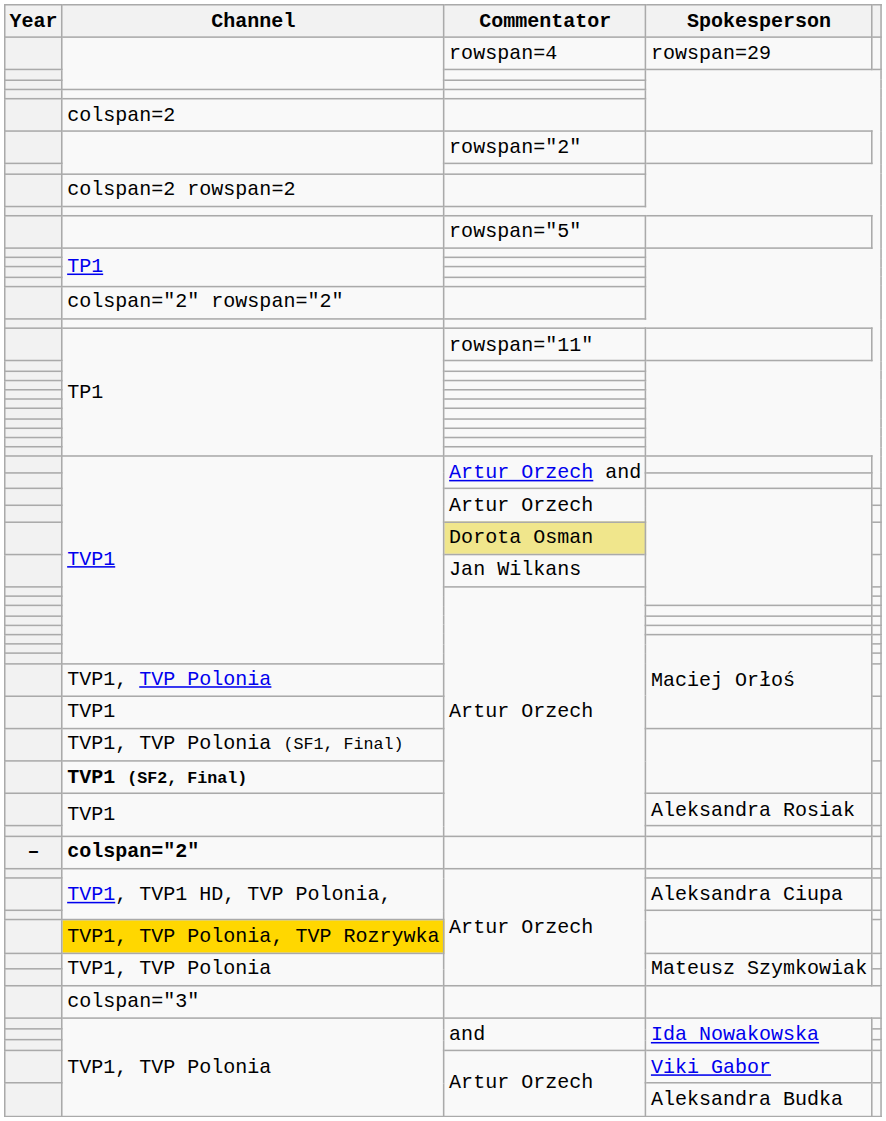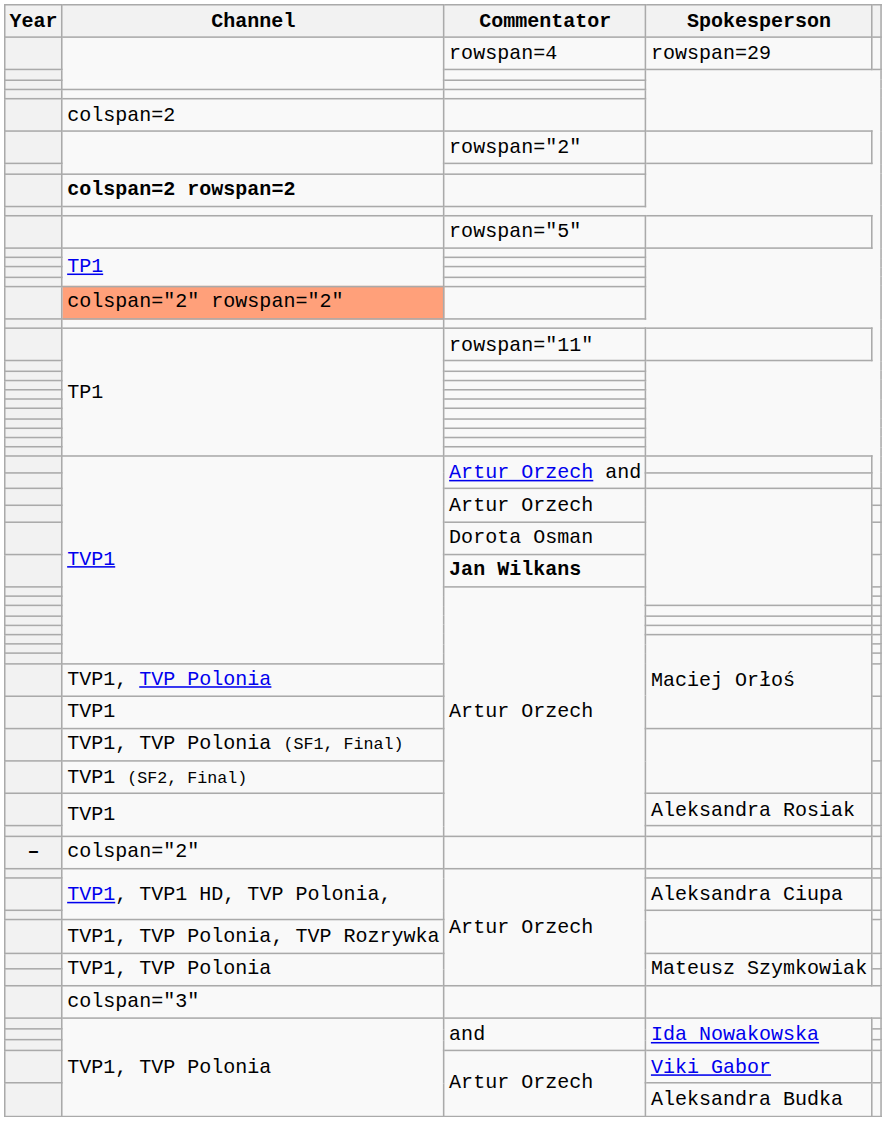 <table class="wikitable plainrowheaders">
 <tr>
 <th>Year</th>
 <th>Channel</th>
 <th>Commentator</th>
 <th>Spokesperson</th>
 <th class="unsortable"></th>
 </tr>
 <tr>
 <th scope="row"></th>
 <td rowspan=3></td>
 <td>rowspan=4 </td>
 <td>rowspan=29 </td>
 <td style="text-align:center"></td>
 </tr>
 <tr>
 <th scope="row"></th>
 <td style="text-align:center"></td>
 </tr>
 <tr>
 <th scope="row"></th>
 <td style="text-align:center"></td>
 </tr>
 <tr>
 <th scope="row"></th>
 <td></td>
 <td style="text-align:center"></td>
 </tr>
 <tr>
 <th scope="row"></th>
 <td>colspan=2 </td>
 <td></td>
 </tr>
 <tr>
 <th scope="row"></th>
 <td rowspan="2"></td>
 <td>rowspan="2" </td>
 <td style="text-align:center"></td>
 </tr>
 <tr>
 <th scope="row"></th>
 <td style="text-align:center"></td>
 </tr>
 <tr>
 <th scope="row"></th>
-<td>colspan=2 rowspan=2 </td>
+<td><strong>colspan=2 rowspan=2 </strong></td>
 <td></td>
 </tr>
 <tr>
 <th scope="row"></th>
 <td></td>
 </tr>
 <tr>
 <th scope="row"></th>
 <td></td>
 <td>rowspan="5" </td>
 <td style="text-align:center"></td>
 </tr>
 <tr>
 <th scope="row"></th>
 <td rowspan="4"><a href='#'>TP1</a></td>
 <td style="text-align:center"></td>
 </tr>
 <tr>
 <th scope="row"></th>
 <td style="text-align:center"></td>
 </tr>
 <tr>
 <th scope="row"></th>
 <td style="text-align:center"></td>
 </tr>
 <tr>
 <th scope="row"></th>
 <td style="text-align:center"></td>
 </tr>
 <tr>
 <th scope="row"></th>
-<td>colspan="2" rowspan="2" </td>
+<td style="background: lightsalmon;">colspan="2" rowspan="2" </td>
 <td></td>
 </tr>
 <tr>
 <th scope="row"></th>
 <td></td>
 </tr>
 <tr>
 <th scope="row"></th>
 <td rowspan="11">TP1</td>
 <td>rowspan="11" </td>
 <td style="text-align:center"></td>
 </tr>
 <tr>
 <th scope="row"></th>
 <td style="text-align:center"></td>
 </tr>
 <tr>
 <th scope="row"></th>
 <td style="text-align:center"></td>
 </tr>
 <tr>
 <th scope="row"></th>
 <td style="text-align:center"></td>
 </tr>
 <tr>
 <th scope="row"></th>
 <td style="text-align:center"></td>
 </tr>
 <tr>
 <th scope="row"></th>
 <td style="text-align:center"></td>
 </tr>
 <tr>
 <th scope="row"></th>
 <td style="text-align:center"></td>
 </tr>
 <tr>
 <th scope="row"></th>
 <td style="text-align:center"></td>
 </tr>
 <tr>
 <th scope="row"></th>
 <td style="text-align:center"></td>
 </tr>
 <tr>
 <th scope="row"></th>
 <td style="text-align:center"></td>
 </tr>
 <tr>
 <th scope="row"></th>
 <td style="text-align:center"></td>
 </tr>
 <tr>
 <th scope="row"></th>
 <td rowspan="14"><a href='#'>TVP1</a></td>
 <td rowspan="2"><a href='#'>Artur Orzech</a> and </td>
 <td style="text-align:center"></td>
 </tr>
 <tr>
 <th scope="row"></th>
 <td style="text-align:center"></td>
 </tr>
 <tr>
 <th scope="row"></th>
 <td rowspan="2">Artur Orzech</td>
 <td rowspan="6"></td>
 <td style="text-align:center"></td>
 </tr>
 <tr>
 <th scope="row"></th>
 <td style="text-align:center"></td>
 </tr>
 <tr>
 <th scope="row"></th>
-<td style="background: khaki;">Dorota Osman</td>
+<td>Dorota Osman</td>
 <td style="text-align:center"></td>
 </tr>
 <tr>
 <th scope="row"></th>
-<td>Jan Wilkans</td>
+<td><strong>Jan Wilkans</strong></td>
 <td style="text-align:center"></td>
 </tr>
 <tr>
 <th scope="row"></th>
 <td rowspan="14">Artur Orzech</td>
 <td style="text-align:center"></td>
 </tr>
 <tr>
 <th scope="row"></th>
 <td style="text-align:center"></td>
 </tr>
 <tr>
 <th scope="row"></th>
 <td></td>
 <td style="text-align:center"></td>
 </tr>
 <tr>
 <th scope="row"></th>
 <td></td>
 <td style="text-align:center"></td>
 </tr>
 <tr>
 <th scope="row"></th>
 <td></td>
 <td style="text-align:center"></td>
 </tr>
 <tr>
 <th scope="row"></th>
 <td rowspan="5">Maciej Orłoś</td>
 <td style="text-align:center"></td>
 </tr>
 <tr>
 <th scope="row"></th>
 <td style="text-align:center"></td>
 </tr>
 <tr>
 <th scope="row"></th>
 <td style="text-align:center"></td>
 </tr>
 <tr>
 <th scope="row"></th>
 <td>TVP1, <a href='#'>TVP Polonia</a></td>
 <td style="text-align:center"></td>
 </tr>
 <tr>
 <th scope="row"></th>
 <td>TVP1</td>
 <td style="text-align:center"></td>
 </tr>
 <tr>
 <th scope="row"></th>
 <td>TVP1, TVP Polonia <small>(SF1, Final)</small><br></td>
 <td rowspan="2"></td>
 <td style="text-align:center"></td>
 </tr>
 <tr>
 <th scope="row"></th>
-<td><strong>TVP1 <small>(SF2, Final)</small><br></strong></td>
+<td>TVP1 <small>(SF2, Final)</small><br></td>
 <td style="text-align:center"></td>
 </tr>
 <tr>
 <th scope="row"></th>
 <td rowspan="2">TVP1</td>
 <td>Aleksandra Rosiak</td>
 <td></td>
 </tr>
 <tr>
 <th scope="row"></th>
 <td></td>
 <td style="text-align:center"></td>
 </tr>
 <tr>
 <th scope="row">–</th>
-<td><strong>colspan="2" </strong></td>
+<td>colspan="2" </td>
 <td></td>
 <td></td>
 </tr>
 <tr>
 <th scope="row"></th>
 <td rowspan="3"><a href='#'>TVP1</a>, TVP1 HD, TVP Polonia, </td>
 <td rowspan="6">Artur Orzech</td>
 <td></td>
 <td style="text-align:center"></td>
 </tr>
 <tr>
 <th scope="row"></th>
 <td>Aleksandra Ciupa</td>
 <td style="text-align:center"></td>
 </tr>
 <tr>
 <th scope="row"></th>
 <td rowspan="2"></td>
 <td style="text-align:center"></td>
 </tr>
 <tr>
 <th scope="row"></th>
-<td style="background: gold;">TVP1, TVP Polonia, TVP Rozrywka</td>
+<td>TVP1, TVP Polonia, TVP Rozrywka</td>
 <td style="text-align:center"></td>
 </tr>
 <tr>
 <th scope="row"></th>
 <td rowspan="2">TVP1, TVP Polonia</td>
 <td rowspan="2">Mateusz Szymkowiak</td>
 <td style="text-align:center"></td>
 </tr>
 <tr>
 <th scope="row"></th>
 <td style="text-align:center"></td>
 </tr>
 <tr>
 <th scope="row"><s></s></th>
 <td>colspan="3" </td>
 <td></td>
 </tr>
 <tr>
 <th scope="row"></th>
 <td rowspan="5">TVP1, TVP Polonia</td>
 <td rowspan="3"> and </td>
 <td rowspan="3"><a href='#'>Ida Nowakowska</a></td>
 <td style="text-align:center"></td>
 </tr>
 <tr>
 <th scope="row"></th>
 <td style="text-align:center"></td>
 </tr>
 <tr>
 <th scope="row"></th>
 <td style="text-align:center"></td>
 </tr>
 <tr>
 <th scope="row"></th>
 <td rowspan="2">Artur Orzech</td>
 <td><a href='#'>Viki Gabor</a></td>
 <td style="text-align:center"></td>
 </tr>
 <tr>
 <th scope="row"></th>
 <td>Aleksandra Budka</td>
 <td style="text-align:center"></td>
 </tr>
 <tr>
 </tr>
 </table>
